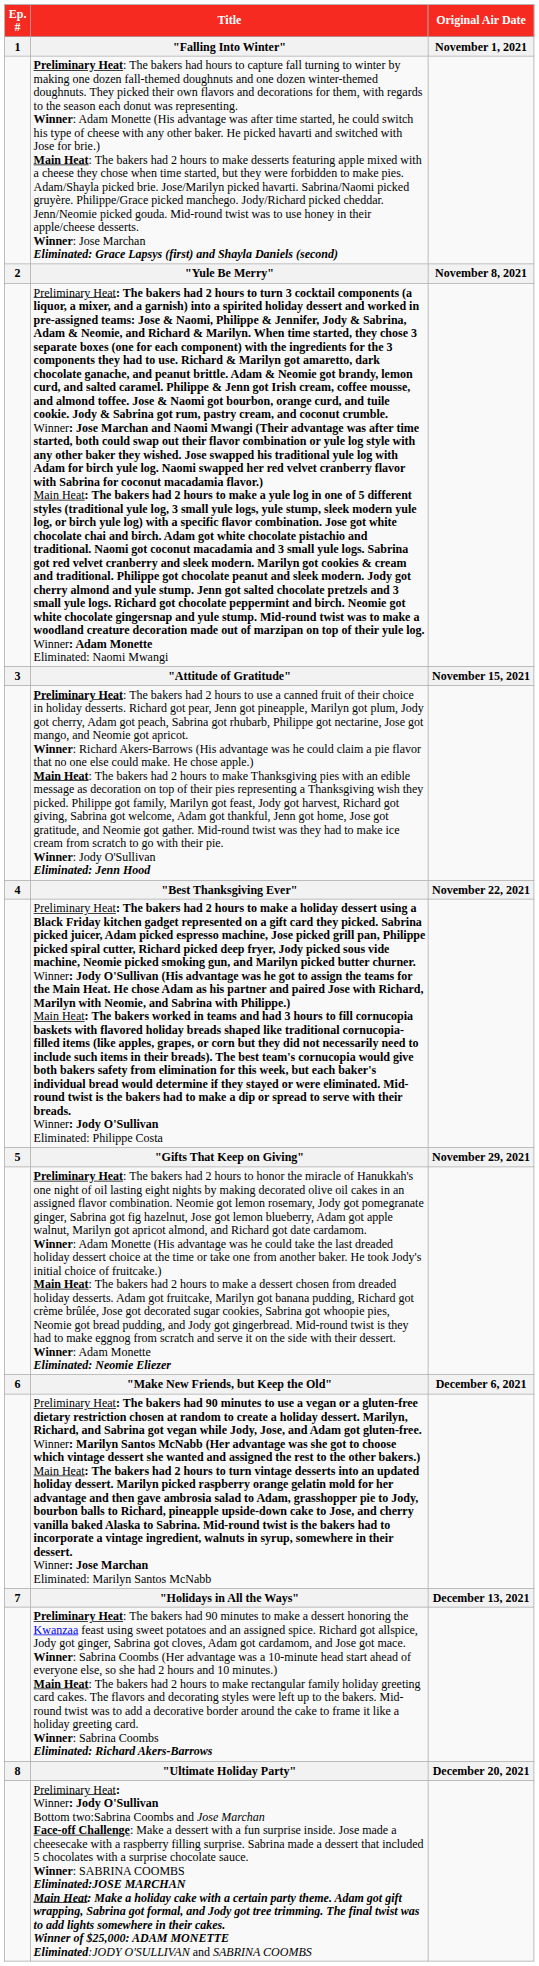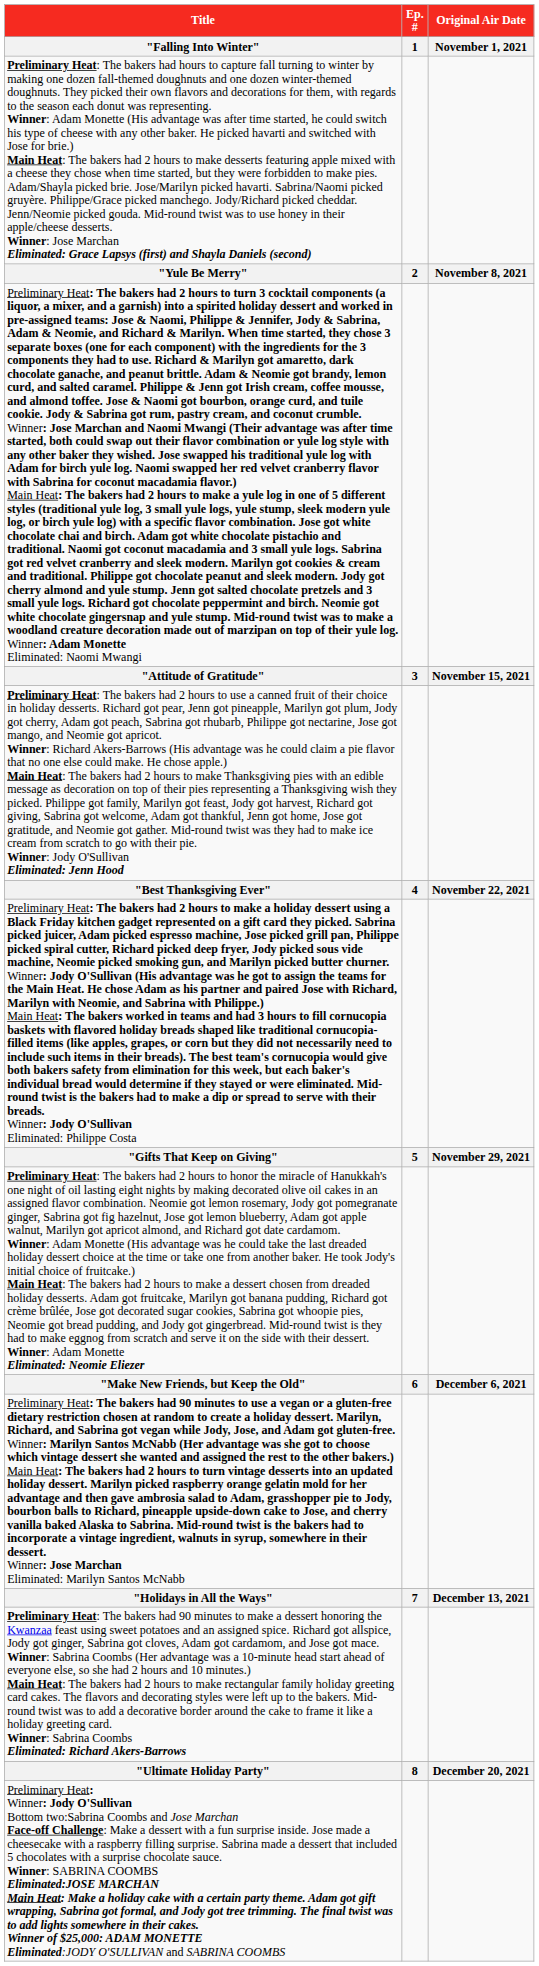 <table class="wikitable plainrowheaders" style="width:80%;">
 <tr>
+<th style="background-color: #f62a20; color: #FFFFFF;">Title</th>
 <th style="background-color: #f62a20; color: #FFFFFF;" width=5%>Ep. #</th>
-<th style="background-color: #f62a20; color: #FFFFFF;">Title</th>
 <th style="background-color: #f62a20; color: #FFFFFF;" width=20%>Original Air Date</th>
 </tr>
 <tr>
+<th>"Falling Into Winter"</th>
 <th>1</th>
-<th>"Falling Into Winter"</th>
 <th>November 1, 2021</th>
 </tr>
 <tr>
+<td><strong><u>Preliminary Heat</u></strong>: The bakers had  hours to capture fall turning to winter by making one dozen fall-themed doughnuts and one dozen winter-themed doughnuts. They picked their own flavors and decorations for them, with regards to the season each donut was representing.<br><strong>Winner</strong>: Adam Monette (His advantage was after time started, he could switch his type of cheese with any other baker. He picked havarti and switched with Jose for brie.)<br><strong><u>Main Heat</u></strong>: The bakers had 2 hours to make desserts featuring apple mixed with a cheese they chose when time started, but they were forbidden to make pies. Adam/Shayla picked brie. Jose/Marilyn picked havarti. Sabrina/Naomi picked gruyère. Philippe/Grace picked manchego. Jody/Richard picked cheddar. Jenn/Neomie picked gouda. Mid-round twist was to use honey in their apple/cheese desserts.<br><strong>Winner</strong>: Jose Marchan<br><strong><em>Eliminated<strong>: Grace Lapsys<em> (first) and </em>Shayla Daniels<em> (second)</td>
 <td></td>
-<td><strong><u>Preliminary Heat</u></strong>: The bakers had  hours to capture fall turning to winter by making one dozen fall-themed doughnuts and one dozen winter-themed doughnuts. They picked their own flavors and decorations for them, with regards to the season each donut was representing.<br><strong>Winner</strong>: Adam Monette (His advantage was after time started, he could switch his type of cheese with any other baker. He picked havarti and switched with Jose for brie.)<br><strong><u>Main Heat</u></strong>: The bakers had 2 hours to make desserts featuring apple mixed with a cheese they chose when time started, but they were forbidden to make pies. Adam/Shayla picked brie. Jose/Marilyn picked havarti. Sabrina/Naomi picked gruyère. Philippe/Grace picked manchego. Jody/Richard picked cheddar. Jenn/Neomie picked gouda. Mid-round twist was to use honey in their apple/cheese desserts.<br><strong>Winner</strong>: Jose Marchan<br><strong><em>Eliminated<strong>: Grace Lapsys<em> (first) and </em>Shayla Daniels<em> (second)</td>
 <td></td>
 </tr>
 <tr>
+<th>"Yule Be Merry"</th>
 <th>2</th>
-<th>"Yule Be Merry"</th>
 <th>November 8, 2021</th>
 </tr>
 <tr>
+<td></strong><u>Preliminary Heat</u><strong>: The bakers had 2 hours to turn 3 cocktail components (a liquor, a mixer, and a garnish) into a spirited holiday dessert and worked in pre-assigned teams: Jose & Naomi, Philippe & Jennifer, Jody & Sabrina, Adam & Neomie, and Richard & Marilyn. When time started, they chose 3 separate boxes (one for each component) with the ingredients for the 3 components they had to use. Richard & Marilyn got amaretto, dark chocolate ganache, and peanut brittle. Adam & Neomie got brandy, lemon curd, and salted caramel. Philippe & Jenn got Irish cream, coffee mousse, and almond toffee. Jose & Naomi got bourbon, orange curd, and tuile cookie. Jody & Sabrina got rum, pastry cream, and coconut crumble.<br></strong>Winner<strong>: Jose Marchan and Naomi Mwangi (Their advantage was after time started, both could swap out their flavor combination or yule log style with any other baker they wished. Jose swapped his traditional yule log with Adam for birch yule log. Naomi swapped her red velvet cranberry flavor with Sabrina for coconut macadamia flavor.)<br></strong><u>Main Heat</u><strong>: The bakers had 2 hours to make a yule log in one of 5 different styles (traditional yule log, 3 small yule logs, yule stump, sleek modern yule log, or birch yule log) with a specific flavor combination. Jose got white chocolate chai and birch. Adam got white chocolate pistachio and traditional. Naomi got coconut macadamia and 3 small yule logs. Sabrina got red velvet cranberry and sleek modern. Marilyn got cookies & cream and traditional. Philippe got chocolate peanut and sleek modern. Jody got cherry almond and yule stump. Jenn got salted chocolate pretzels and 3 small yule logs. Richard got chocolate peppermint and birch. Neomie got white chocolate gingersnap and yule stump. Mid-round twist was to make a woodland creature decoration made out of marzipan on top of their yule log.<br></strong>Winner<strong>: Adam Monette<br></em></strong>Eliminated</strong>: Naomi Mwangi</em></td>
 <td></td>
-<td></strong><u>Preliminary Heat</u><strong>: The bakers had 2 hours to turn 3 cocktail components (a liquor, a mixer, and a garnish) into a spirited holiday dessert and worked in pre-assigned teams: Jose & Naomi, Philippe & Jennifer, Jody & Sabrina, Adam & Neomie, and Richard & Marilyn. When time started, they chose 3 separate boxes (one for each component) with the ingredients for the 3 components they had to use. Richard & Marilyn got amaretto, dark chocolate ganache, and peanut brittle. Adam & Neomie got brandy, lemon curd, and salted caramel. Philippe & Jenn got Irish cream, coffee mousse, and almond toffee. Jose & Naomi got bourbon, orange curd, and tuile cookie. Jody & Sabrina got rum, pastry cream, and coconut crumble.<br></strong>Winner<strong>: Jose Marchan and Naomi Mwangi (Their advantage was after time started, both could swap out their flavor combination or yule log style with any other baker they wished. Jose swapped his traditional yule log with Adam for birch yule log. Naomi swapped her red velvet cranberry flavor with Sabrina for coconut macadamia flavor.)<br></strong><u>Main Heat</u><strong>: The bakers had 2 hours to make a yule log in one of 5 different styles (traditional yule log, 3 small yule logs, yule stump, sleek modern yule log, or birch yule log) with a specific flavor combination. Jose got white chocolate chai and birch. Adam got white chocolate pistachio and traditional. Naomi got coconut macadamia and 3 small yule logs. Sabrina got red velvet cranberry and sleek modern. Marilyn got cookies & cream and traditional. Philippe got chocolate peanut and sleek modern. Jody got cherry almond and yule stump. Jenn got salted chocolate pretzels and 3 small yule logs. Richard got chocolate peppermint and birch. Neomie got white chocolate gingersnap and yule stump. Mid-round twist was to make a woodland creature decoration made out of marzipan on top of their yule log.<br></strong>Winner<strong>: Adam Monette<br></em></strong>Eliminated</strong>: Naomi Mwangi</em></td>
 <td></td>
 </tr>
 <tr>
+<th>"Attitude of Gratitude"</th>
 <th>3</th>
-<th>"Attitude of Gratitude"</th>
 <th>November 15, 2021</th>
 </tr>
 <tr>
+<td><strong><u>Preliminary Heat</u></strong>: The bakers had 2 hours to use a canned fruit of their choice in holiday desserts. Richard got pear, Jenn got pineapple, Marilyn got plum, Jody got cherry, Adam got peach, Sabrina got rhubarb, Philippe got nectarine, Jose got mango, and Neomie got apricot.<br><strong>Winner</strong>: Richard Akers-Barrows (His advantage was he could claim a pie flavor that no one else could make. He chose apple.)<br><strong><u>Main Heat</u></strong>: The bakers had 2 hours to make Thanksgiving pies with an edible message as decoration on top of their pies representing a Thanksgiving wish they picked. Philippe got family, Marilyn got feast, Jody got harvest, Richard got giving, Sabrina got welcome, Adam got thankful, Jenn got home, Jose got gratitude, and Neomie got gather. Mid-round twist was they had to make ice cream from scratch to go with their pie.<br><strong>Winner</strong>: Jody O'Sullivan<br><strong><em>Eliminated<strong>: Jenn Hood<em></td>
 <td></td>
-<td><strong><u>Preliminary Heat</u></strong>: The bakers had 2 hours to use a canned fruit of their choice in holiday desserts. Richard got pear, Jenn got pineapple, Marilyn got plum, Jody got cherry, Adam got peach, Sabrina got rhubarb, Philippe got nectarine, Jose got mango, and Neomie got apricot.<br><strong>Winner</strong>: Richard Akers-Barrows (His advantage was he could claim a pie flavor that no one else could make. He chose apple.)<br><strong><u>Main Heat</u></strong>: The bakers had 2 hours to make Thanksgiving pies with an edible message as decoration on top of their pies representing a Thanksgiving wish they picked. Philippe got family, Marilyn got feast, Jody got harvest, Richard got giving, Sabrina got welcome, Adam got thankful, Jenn got home, Jose got gratitude, and Neomie got gather. Mid-round twist was they had to make ice cream from scratch to go with their pie.<br><strong>Winner</strong>: Jody O'Sullivan<br><strong><em>Eliminated<strong>: Jenn Hood<em></td>
 <td></td>
 </tr>
 <tr>
+<th>"Best Thanksgiving Ever"</th>
 <th>4</th>
-<th>"Best Thanksgiving Ever"</th>
 <th>November 22, 2021</th>
 </tr>
 <tr>
+<td></strong><u>Preliminary Heat</u><strong>: The bakers had 2 hours to make a holiday dessert using a Black Friday kitchen gadget represented on a gift card they picked. Sabrina picked juicer, Adam picked espresso machine, Jose picked grill pan, Philippe picked spiral cutter, Richard picked deep fryer, Jody picked sous vide machine, Neomie picked smoking gun, and Marilyn picked butter churner.<br></strong>Winner<strong>: Jody O'Sullivan (His advantage was he got to assign the teams for the Main Heat. He chose Adam as his partner and paired Jose with Richard, Marilyn with Neomie, and Sabrina with Philippe.)<br></strong><u>Main Heat</u><strong>: The bakers worked in teams and had 3 hours to fill cornucopia baskets with flavored holiday breads shaped like traditional cornucopia-filled items (like apples, grapes, or corn but they did not necessarily need to include such items in their breads). The best team's cornucopia would give both bakers safety from elimination for this week, but each baker's individual bread would determine if they stayed or were eliminated. Mid-round twist is the bakers had to make a dip or spread to serve with their breads.<br></strong>Winner<strong>: Jody O'Sullivan<br></em></strong>Eliminated</strong>: Philippe Costa</em></td>
 <td></td>
-<td></strong><u>Preliminary Heat</u><strong>: The bakers had 2 hours to make a holiday dessert using a Black Friday kitchen gadget represented on a gift card they picked. Sabrina picked juicer, Adam picked espresso machine, Jose picked grill pan, Philippe picked spiral cutter, Richard picked deep fryer, Jody picked sous vide machine, Neomie picked smoking gun, and Marilyn picked butter churner.<br></strong>Winner<strong>: Jody O'Sullivan (His advantage was he got to assign the teams for the Main Heat. He chose Adam as his partner and paired Jose with Richard, Marilyn with Neomie, and Sabrina with Philippe.)<br></strong><u>Main Heat</u><strong>: The bakers worked in teams and had 3 hours to fill cornucopia baskets with flavored holiday breads shaped like traditional cornucopia-filled items (like apples, grapes, or corn but they did not necessarily need to include such items in their breads). The best team's cornucopia would give both bakers safety from elimination for this week, but each baker's individual bread would determine if they stayed or were eliminated. Mid-round twist is the bakers had to make a dip or spread to serve with their breads.<br></strong>Winner<strong>: Jody O'Sullivan<br></em></strong>Eliminated</strong>: Philippe Costa</em></td>
 <td></td>
 </tr>
 <tr>
+<th>"Gifts That Keep on Giving"</th>
 <th>5</th>
-<th>"Gifts That Keep on Giving"</th>
 <th>November 29, 2021</th>
 </tr>
 <tr>
+<td><strong><u>Preliminary Heat</u></strong>: The bakers had 2 hours to honor the miracle of Hanukkah's one night of oil lasting eight nights by making decorated olive oil cakes in an assigned flavor combination. Neomie got lemon rosemary, Jody got pomegranate ginger, Sabrina got fig hazelnut, Jose got lemon blueberry, Adam got apple walnut, Marilyn got apricot almond, and Richard got date cardamom.<br><strong>Winner</strong>: Adam Monette (His advantage was he could take the last dreaded holiday dessert choice at the time or take one from another baker. He took Jody's initial choice of fruitcake.)<br><strong><u>Main Heat</u></strong>: The bakers had 2 hours to make a dessert chosen from dreaded holiday desserts. Adam got fruitcake, Marilyn got banana pudding, Richard got crème brûlée, Jose got decorated sugar cookies, Sabrina got whoopie pies, Neomie got bread pudding, and Jody got gingerbread. Mid-round twist is they had to make eggnog from scratch and serve it on the side with their dessert.<br><strong>Winner</strong>: Adam Monette<br><strong><em>Eliminated<strong>: Neomie Eliezer<em></td>
 <td></td>
-<td><strong><u>Preliminary Heat</u></strong>: The bakers had 2 hours to honor the miracle of Hanukkah's one night of oil lasting eight nights by making decorated olive oil cakes in an assigned flavor combination. Neomie got lemon rosemary, Jody got pomegranate ginger, Sabrina got fig hazelnut, Jose got lemon blueberry, Adam got apple walnut, Marilyn got apricot almond, and Richard got date cardamom.<br><strong>Winner</strong>: Adam Monette (His advantage was he could take the last dreaded holiday dessert choice at the time or take one from another baker. He took Jody's initial choice of fruitcake.)<br><strong><u>Main Heat</u></strong>: The bakers had 2 hours to make a dessert chosen from dreaded holiday desserts. Adam got fruitcake, Marilyn got banana pudding, Richard got crème brûlée, Jose got decorated sugar cookies, Sabrina got whoopie pies, Neomie got bread pudding, and Jody got gingerbread. Mid-round twist is they had to make eggnog from scratch and serve it on the side with their dessert.<br><strong>Winner</strong>: Adam Monette<br><strong><em>Eliminated<strong>: Neomie Eliezer<em></td>
 <td></td>
 </tr>
 <tr>
+<th>"Make New Friends, but Keep the Old"</th>
 <th>6</th>
-<th>"Make New Friends, but Keep the Old"</th>
 <th>December 6, 2021</th>
 </tr>
 <tr>
+<td></strong><u>Preliminary Heat</u><strong>: The bakers had 90 minutes to use a vegan or a gluten-free dietary restriction chosen at random to create a holiday dessert. Marilyn, Richard, and Sabrina got vegan while Jody, Jose, and Adam got gluten-free.<br></strong>Winner<strong>: Marilyn Santos McNabb (Her advantage was she got to choose which vintage dessert she wanted and assigned the rest to the other bakers.)<br></strong><u>Main Heat</u><strong>: The bakers had 2 hours to turn vintage desserts into an updated holiday dessert. Marilyn picked raspberry orange gelatin mold for her advantage and then gave ambrosia salad to Adam, grasshopper pie to Jody, bourbon balls to Richard, pineapple upside-down cake to Jose, and cherry vanilla baked Alaska to Sabrina. Mid-round twist is the bakers had to incorporate a vintage ingredient, walnuts in syrup, somewhere in their dessert.<br></strong>Winner<strong>: Jose Marchan<br></em></strong>Eliminated</strong>: Marilyn Santos McNabb</em></td>
 <td></td>
-<td></strong><u>Preliminary Heat</u><strong>: The bakers had 90 minutes to use a vegan or a gluten-free dietary restriction chosen at random to create a holiday dessert. Marilyn, Richard, and Sabrina got vegan while Jody, Jose, and Adam got gluten-free.<br></strong>Winner<strong>: Marilyn Santos McNabb (Her advantage was she got to choose which vintage dessert she wanted and assigned the rest to the other bakers.)<br></strong><u>Main Heat</u><strong>: The bakers had 2 hours to turn vintage desserts into an updated holiday dessert. Marilyn picked raspberry orange gelatin mold for her advantage and then gave ambrosia salad to Adam, grasshopper pie to Jody, bourbon balls to Richard, pineapple upside-down cake to Jose, and cherry vanilla baked Alaska to Sabrina. Mid-round twist is the bakers had to incorporate a vintage ingredient, walnuts in syrup, somewhere in their dessert.<br></strong>Winner<strong>: Jose Marchan<br></em></strong>Eliminated</strong>: Marilyn Santos McNabb</em></td>
 <td></td>
 </tr>
 <tr>
+<th>"Holidays in All the Ways"</th>
 <th>7</th>
-<th>"Holidays in All the Ways"</th>
 <th>December 13, 2021</th>
 </tr>
 <tr>
+<td><strong><u>Preliminary Heat</u></strong>: The bakers had 90 minutes to make a dessert honoring the <a href='#'>Kwanzaa</a> feast using sweet potatoes and an assigned spice. Richard got allspice, Jody got ginger, Sabrina got cloves, Adam got cardamom, and Jose got mace.<br><strong>Winner</strong>: Sabrina Coombs (Her advantage was a 10-minute head start ahead of everyone else, so she had 2 hours and 10 minutes.)<br><strong><u>Main Heat</u></strong>: The bakers had 2 hours to make rectangular family holiday greeting card cakes. The flavors and decorating styles were left up to the bakers. Mid-round twist was to add a decorative border around the cake to frame it like a holiday greeting card.<br><strong>Winner</strong>: Sabrina Coombs<br><strong><em>Eliminated<strong>: Richard Akers-Barrows<em></td>
 <td></td>
-<td><strong><u>Preliminary Heat</u></strong>: The bakers had 90 minutes to make a dessert honoring the <a href='#'>Kwanzaa</a> feast using sweet potatoes and an assigned spice. Richard got allspice, Jody got ginger, Sabrina got cloves, Adam got cardamom, and Jose got mace.<br><strong>Winner</strong>: Sabrina Coombs (Her advantage was a 10-minute head start ahead of everyone else, so she had 2 hours and 10 minutes.)<br><strong><u>Main Heat</u></strong>: The bakers had 2 hours to make rectangular family holiday greeting card cakes. The flavors and decorating styles were left up to the bakers. Mid-round twist was to add a decorative border around the cake to frame it like a holiday greeting card.<br><strong>Winner</strong>: Sabrina Coombs<br><strong><em>Eliminated<strong>: Richard Akers-Barrows<em></td>
 <td></td>
 </tr>
 <tr>
+<th>"Ultimate Holiday Party"</th>
 <th>8</th>
-<th>"Ultimate Holiday Party"</th>
 <th>December 20, 2021</th>
 </tr>
 <tr>
+<td></strong><u>Preliminary Heat</u><strong>:<br></strong>Winner<strong>: Jody O'Sullivan<br></em></strong>Bottom two</strong>:Sabrina Coombs </em> and <em>Jose Marchan </em><br><strong><u>Face-off Challenge</u></strong>: Make a dessert with a fun surprise inside. Jose made a cheesecake with a raspberry filling surprise. Sabrina made a dessert that included 5 chocolates with a surprise chocolate sauce.<br><strong>Winner</strong>: SABRINA COOMBS<br><strong><em>Eliminated<strong>:JOSE MARCHAN <em><br></strong><u>Main Heat</u><strong>: Make a holiday cake with a certain party theme. Adam got gift wrapping, Sabrina got formal, and Jody got tree trimming. The final twist was to add lights somewhere in their cakes.<br></strong>Winner of $25,000<strong>: ADAM MONETTE<br></em></strong>Eliminated</strong>:JODY O'SULLIVAN</em> and <em>SABRINA COOMBS </em></td>
 <td></td>
-<td></strong><u>Preliminary Heat</u><strong>:<br></strong>Winner<strong>: Jody O'Sullivan<br></em></strong>Bottom two</strong>:Sabrina Coombs </em> and <em>Jose Marchan </em><br><strong><u>Face-off Challenge</u></strong>: Make a dessert with a fun surprise inside. Jose made a cheesecake with a raspberry filling surprise. Sabrina made a dessert that included 5 chocolates with a surprise chocolate sauce.<br><strong>Winner</strong>: SABRINA COOMBS<br><strong><em>Eliminated<strong>:JOSE MARCHAN <em><br></strong><u>Main Heat</u><strong>: Make a holiday cake with a certain party theme. Adam got gift wrapping, Sabrina got formal, and Jody got tree trimming. The final twist was to add lights somewhere in their cakes.<br></strong>Winner of $25,000<strong>: ADAM MONETTE<br></em></strong>Eliminated</strong>:JODY O'SULLIVAN</em> and <em>SABRINA COOMBS </em></td>
 <td></td>
 </tr>
 </table>
